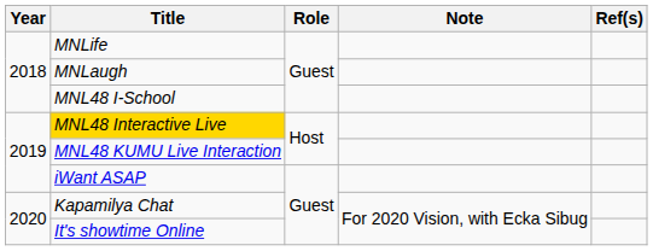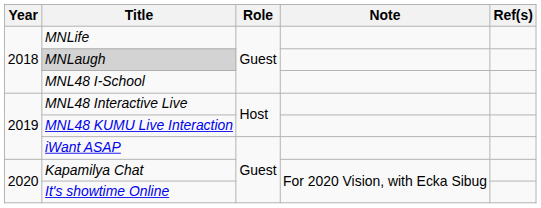 <table class="wikitable plainrowheaders sortable" style="margin-right: 0;">
 <tr>
 <th scope="col">Year</th>
 <th scope="col">Title</th>
 <th scope="col">Role</th>
 <th>Note</th>
 <th scope="col">Ref(s)</th>
 </tr>
 <tr>
 <td rowspan="3">2018</td>
 <td><em>MNLife</em></td>
 <td rowspan="3">Guest</td>
 <td></td>
 <td></td>
 </tr>
 <tr>
-<td><em>MNLaugh</em></td>
+<td style="background: lightgrey;"><em>MNLaugh</em></td>
 <td></td>
 <td></td>
 </tr>
 <tr>
 <td><em>MNL48 I-School</em></td>
 <td></td>
 <td></td>
 </tr>
 <tr>
 <td rowspan="3">2019</td>
-<td style="background: gold;"><em>MNL48 Interactive Live</em></td>
+<td><em>MNL48 Interactive Live</em></td>
 <td rowspan="2">Host</td>
 <td></td>
 <td></td>
 </tr>
 <tr>
 <td><em><a href='#'>MNL48 KUMU Live Interaction</a></em></td>
 <td></td>
 <td></td>
 </tr>
 <tr>
 <td><em><a href='#'>iWant ASAP</a></em></td>
 <td rowspan="3">Guest</td>
 <td></td>
 <td></td>
 </tr>
 <tr>
 <td rowspan="2">2020</td>
 <td><em>Kapamilya Chat</em></td>
 <td rowspan="2">For 2020 Vision, with Ecka Sibug</td>
 <td></td>
 </tr>
 <tr>
 <td><em><a href='#'>It's showtime Online</a></em></td>
 <td></td>
 </tr>
 </table>
